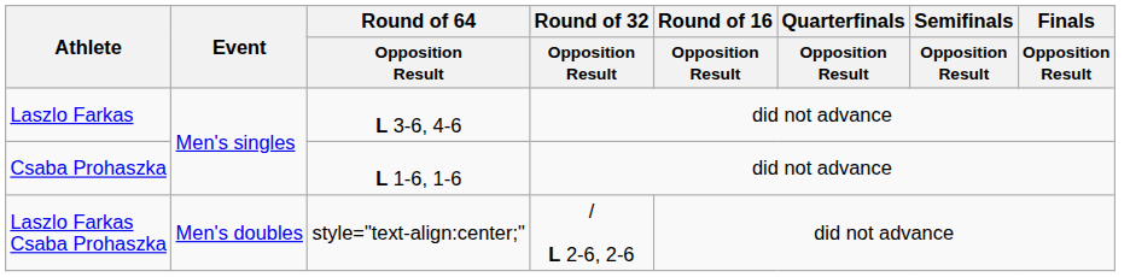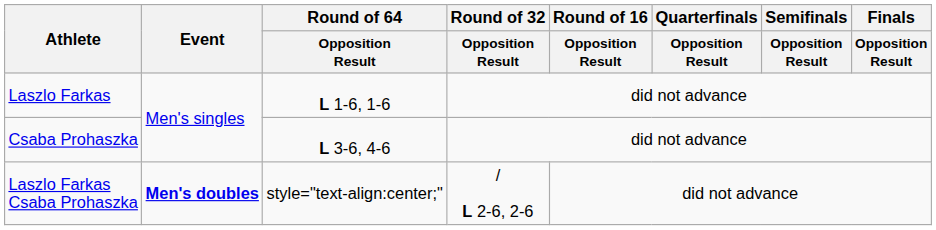 <table class=wikitable style="font-size:90%">
 <tr>
 <th rowspan="2">Athlete</th>
 <th rowspan="2">Event</th>
 <th>Round of 64</th>
 <th>Round of 32</th>
 <th>Round of 16</th>
 <th>Quarterfinals</th>
 <th>Semifinals</th>
 <th>Finals</th>
 </tr>
 <tr>
 <th style="line-height:1em"><small>Opposition<br>Result</small></th>
 <th style="line-height:1em"><small>Opposition<br>Result</small></th>
 <th style="line-height:1em"><small>Opposition<br>Result</small></th>
 <th style="line-height:1em"><small>Opposition<br>Result</small></th>
 <th style="line-height:1em"><small>Opposition<br>Result</small></th>
 <th style="line-height:1em"><small>Opposition<br>Result</small></th>
 </tr>
 <tr>
 <td><a href='#'>Laszlo Farkas</a></td>
 <td rowspan="2"><a href='#'>Men's singles</a></td>
+<td style="text-align:center;"><br><strong>L</strong> 1-6, 1-6</td>
+<td style="text-align:center;" colspan="5">did not advance</td>
+</tr>
+<tr>
+<td><a href='#'>Csaba Prohaszka</a></td>
 <td style="text-align:center;"><br><strong>L</strong> 3-6, 4-6</td>
 <td style="text-align:center;" colspan="5">did not advance</td>
 </tr>
 <tr>
-<td><a href='#'>Csaba Prohaszka</a></td>
-<td style="text-align:center;"><br><strong>L</strong> 1-6, 1-6</td>
-<td style="text-align:center;" colspan="5">did not advance</td>
-</tr>
-<tr>
 <td><a href='#'>Laszlo Farkas</a><br> <a href='#'>Csaba Prohaszka</a></td>
-<td><a href='#'>Men's doubles</a></td>
+<td><strong><a href='#'>Men's doubles</a></strong></td>
 <td>style="text-align:center;" </td>
 <td style="text-align:center;"> /<br> <br><strong>L</strong> 2-6, 2-6</td>
 <td style="text-align:center;" colspan="4">did not advance</td>
 </tr>
 </table>
